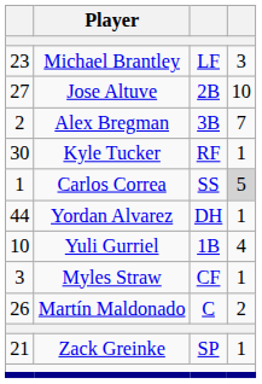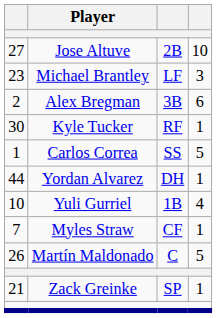 <table class="wikitable" style="text-align:center">
 <tr>
 <th></th>
 <th>Player</th>
 <th></th>
 <th></th>
 </tr>
 <tr>
 <th colspan="4"></th>
 </tr>
 <tr>
+<td>27</td>
+<td><a href='#'>Jose Altuve</a></td>
+<td><a href='#'>2B</a></td>
+<td>10</td>
+</tr>
+<tr>
 <td>23</td>
 <td><a href='#'>Michael Brantley</a></td>
 <td><a href='#'>LF</a></td>
 <td>3</td>
 </tr>
 <tr>
-<td>27</td>
-<td><a href='#'>Jose Altuve</a></td>
-<td><a href='#'>2B</a></td>
-<td>10</td>
-</tr>
-<tr>
 <td>2</td>
 <td><a href='#'>Alex Bregman</a></td>
 <td><a href='#'>3B</a></td>
-<td>7</td>
+<td>6</td>
 </tr>
 <tr>
 <td>30</td>
 <td><a href='#'>Kyle Tucker</a></td>
 <td><a href='#'>RF</a></td>
 <td>1</td>
 </tr>
 <tr>
 <td>1</td>
 <td><a href='#'>Carlos Correa</a></td>
 <td><a href='#'>SS</a></td>
-<td style="background: lightgrey;">5</td>
+<td>5</td>
 </tr>
 <tr>
 <td>44</td>
 <td><a href='#'>Yordan Alvarez</a></td>
 <td><a href='#'>DH</a></td>
 <td>1</td>
 </tr>
 <tr>
 <td>10</td>
 <td><a href='#'>Yuli Gurriel</a></td>
 <td><a href='#'>1B</a></td>
 <td>4</td>
 </tr>
 <tr>
-<td>3</td>
+<td>7</td>
 <td><a href='#'>Myles Straw</a></td>
 <td><a href='#'>CF</a></td>
 <td>1</td>
 </tr>
 <tr>
 <td>26</td>
 <td><a href='#'>Martín Maldonado</a></td>
 <td><a href='#'>C</a></td>
-<td>2</td>
+<td>5</td>
 </tr>
 <tr>
 <th colspan="4"></th>
 </tr>
 <tr>
 <td>21</td>
 <td><a href='#'>Zack Greinke</a></td>
 <td><a href='#'>SP</a></td>
 <td>1</td>
 </tr>
 <tr>
 <td style="border-bottom:#020088 5px solid;" colspan="4"></td>
 </tr>
 </table>
